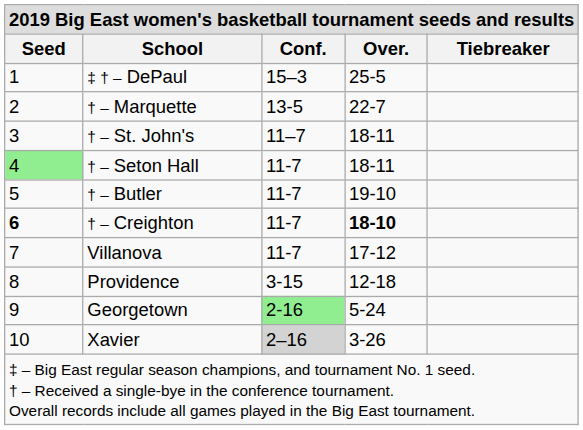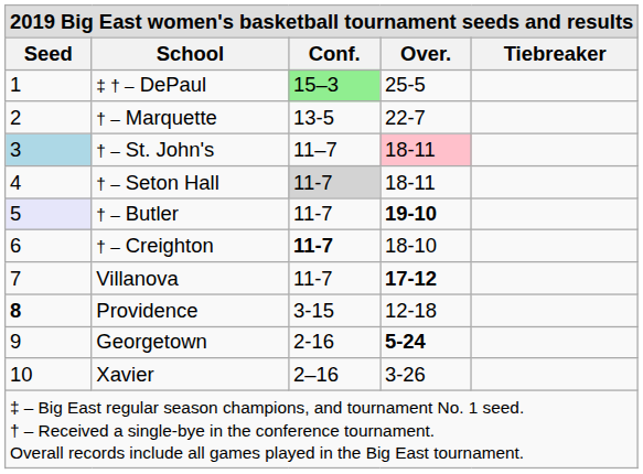 <table class="wikitable" style="white-space:nowrap; font-size:90%;">
 <tr>
 <td colspan="10" style="text-align:center; background:#DDDDDD; font:#000000"><strong>2019 Big East women's basketball tournament seeds and results</strong></td>
 </tr>
 <tr bgcolor="#efefef">
 <th>Seed</th>
 <th>School</th>
 <th>Conf.</th>
 <th>Over.</th>
 <th>Tiebreaker</th>
 </tr>
 <tr>
 <td>1</td>
 <td><small>‡ † –</small>  DePaul</td>
-<td>15–3</td>
+<td style="background: lightgreen;">15–3</td>
 <td>25-5</td>
 <td></td>
 </tr>
 <tr>
 <td>2</td>
 <td><small>† –</small>  Marquette</td>
 <td>13-5</td>
 <td>22-7</td>
 <td></td>
 </tr>
 <tr>
-<td>3</td>
+<td style="background: lightblue;">3</td>
 <td><small>† –</small>  St. John's</td>
 <td>11–7</td>
+<td style="background: pink;">18-11</td>
+<td></td>
+</tr>
+<tr>
+<td>4</td>
+<td><small>† –</small>  Seton Hall</td>
+<td style="background: lightgrey;">11-7</td>
 <td>18-11</td>
 <td></td>
 </tr>
 <tr>
-<td style="background: lightgreen;">4</td>
-<td><small>† –</small>  Seton Hall</td>
+<td style="background: lavender;">5</td>
+<td><small>† –</small>  Butler</td>
 <td>11-7</td>
-<td>18-11</td>
+<td><strong>19-10</strong></td>
 <td></td>
 </tr>
 <tr>
-<td>5</td>
-<td><small>† –</small>  Butler</td>
-<td>11-7</td>
-<td>19-10</td>
-<td></td>
-</tr>
-<tr>
-<td><strong>6</strong></td>
+<td>6</td>
 <td><small>† –</small>  Creighton</td>
-<td>11-7</td>
-<td><strong>18-10</strong></td>
+<td><strong>11-7</strong></td>
+<td>18-10</td>
 <td></td>
 </tr>
 <tr>
 <td>7</td>
 <td>Villanova</td>
 <td>11-7</td>
-<td>17-12</td>
+<td><strong>17-12</strong></td>
 <td></td>
 </tr>
 <tr>
-<td>8</td>
+<td><strong>8</strong></td>
 <td>Providence</td>
 <td>3-15</td>
 <td>12-18</td>
 <td></td>
 </tr>
 <tr>
 <td>9</td>
 <td>Georgetown</td>
-<td style="background: lightgreen;">2-16</td>
-<td>5-24</td>
+<td>2-16</td>
+<td><strong>5-24</strong></td>
 <td></td>
 </tr>
 <tr>
 <td>10</td>
 <td>Xavier</td>
-<td style="background: lightgrey;">2–16</td>
+<td>2–16</td>
 <td>3-26</td>
 <td></td>
 </tr>
 <tr>
 <td colspan="10" style="text-align:left;"><small>‡ – Big East regular season champions, and tournament No. 1 seed.<br>† – Received a single-bye in the conference tournament.<br>Overall records include all games played in the Big East tournament.</small></td>
 </tr>
 </table>
